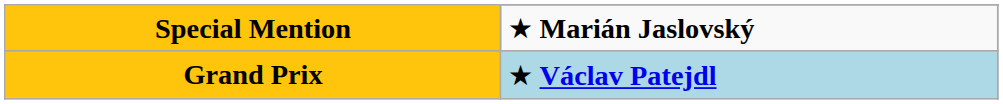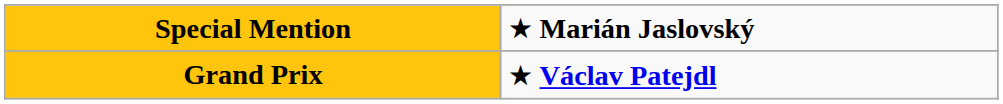 <table class=wikitable>
 <tr>
 <th style=background:#FFC40C width=273>Special Mention</th>
 <td width=273>★ <strong>Marián Jaslovský</strong></td>
 </tr>
 <tr>
 <th style=background:#FFC40C width=273>Grand Prix</th>
-<td width=273 style="background: lightblue;">★ <strong><a href='#'>Václav Patejdl</a></strong></td>
+<td width=273>★ <strong><a href='#'>Václav Patejdl</a></strong></td>
 </tr>
 </table>
